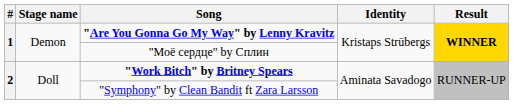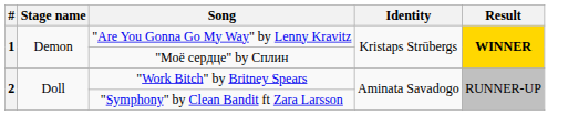 <table class="wikitable plainrowheaders" style="text-align: center;">
 <tr>
 <th>#</th>
 <th>Stage name</th>
 <th>Song</th>
 <th>Identity</th>
 <th>Result</th>
 </tr>
 <tr>
 <th rowspan="2">1</th>
 <td rowspan="2">Demon</td>
-<td><strong>"<a href='#'>Are You Gonna Go My Way</a>" by <a href='#'>Lenny Kravitz</a></strong></td>
+<td>"<a href='#'>Are You Gonna Go My Way</a>" by <a href='#'>Lenny Kravitz</a></td>
 <td rowspan="2">Kristaps Strūbergs</td>
 <td rowspan="2" bgcolor=gold><strong>WINNER</strong></td>
 </tr>
 <tr>
 <td>"Моё сердце" by Сплин</td>
 </tr>
 <tr>
 <th rowspan="2">2</th>
 <td rowspan="2">Doll</td>
-<td><strong>"<a href='#'>Work Bitch</a>" by <a href='#'>Britney Spears</a></strong></td>
+<td>"<a href='#'>Work Bitch</a>" by <a href='#'>Britney Spears</a></td>
 <td rowspan="2">Aminata Savadogo</td>
 <td rowspan="2" bgcolor=silver>RUNNER-UP</td>
 </tr>
 <tr>
 <td>"<a href='#'>Symphony</a>" by <a href='#'>Clean Bandit</a> ft <a href='#'>Zara Larsson</a></td>
 </tr>
 </table>
